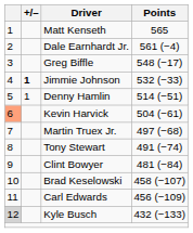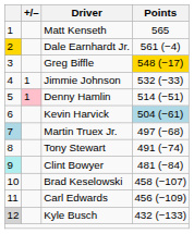 <table class="wikitable">
 <tr>
 <th scope="col"></th>
 <th scope="col">+/–</th>
 <th scope="col">Driver</th>
 <th scope="col">Points</th>
 </tr>
 <tr>
 <td scope="row">1</td>
 <td align="left"></td>
 <td>Matt Kenseth</td>
 <td style="text-align:center;">565</td>
 </tr>
 <tr>
-<td scope="row">2</td>
+<td scope="row" style="background: gold;">2</td>
 <td align="left"></td>
 <td>Dale Earnhardt Jr.</td>
 <td style="text-align:center;">561 (−4)</td>
 </tr>
 <tr>
 <td scope="row">3</td>
 <td align="left"></td>
 <td>Greg Biffle</td>
-<td style="text-align:center;">548 (−17)</td>
+<td style="background: gold; text-align:center;">548 (−17)</td>
 </tr>
 <tr>
 <td scope="row">4</td>
-<td align="left"><strong> 1</strong></td>
+<td align="left"> 1</td>
 <td>Jimmie Johnson</td>
 <td style="text-align:center;">532 (−33)</td>
 </tr>
 <tr>
 <td scope="row">5</td>
-<td align="left"> 1</td>
+<td align="left" style="background: pink;"> 1</td>
 <td>Denny Hamlin</td>
 <td style="text-align:center;">514 (−51)</td>
 </tr>
 <tr>
-<td scope="row" style="background: lightsalmon;">6</td>
+<td scope="row">6</td>
 <td align="left"></td>
 <td>Kevin Harvick</td>
-<td style="text-align:center;">504 (−61)</td>
+<td style="background: lightblue; text-align:center;">504 (−61)</td>
 </tr>
 <tr>
-<td scope="row">7</td>
+<td scope="row" style="background: lightblue;">7</td>
 <td align="left"></td>
 <td>Martin Truex Jr.</td>
 <td style="text-align:center;">497 (−68)</td>
 </tr>
 <tr>
 <td scope="row">8</td>
 <td align="left"></td>
 <td>Tony Stewart</td>
 <td style="text-align:center;">491 (−74)</td>
 </tr>
 <tr>
-<td scope="row">9</td>
+<td scope="row" style="background: paleturquoise;">9</td>
 <td align="left"></td>
 <td>Clint Bowyer</td>
 <td style="text-align:center;">481 (−84)</td>
 </tr>
 <tr>
 <td scope="row">10</td>
 <td align="left"></td>
 <td>Brad Keselowski</td>
 <td style="text-align:center;">458 (−107)</td>
 </tr>
 <tr>
 <td scope="row">11</td>
 <td align="left"></td>
 <td>Carl Edwards</td>
 <td style="text-align:center;">456 (−109)</td>
 </tr>
 <tr>
 <td scope="row" style="background: lightgrey;">12</td>
 <td align="left"></td>
 <td>Kyle Busch</td>
 <td style="text-align:center;">432 (−133)</td>
 </tr>
 <tr class="sortbottom">
 <td colspan="9"></td>
 </tr>
 </table>
